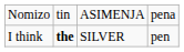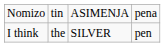 <table class="wikitable" border="1">
 <tr>
 <td>Nomizo</td>
 <td>tin</td>
 <td>ASIMENJA</td>
 <td>pena</td>
 </tr>
 <tr>
 <td>I think</td>
-<td><strong>the</strong></td>
+<td>the</td>
 <td>SILVER</td>
 <td>pen </td>
 </tr>
 </table>
